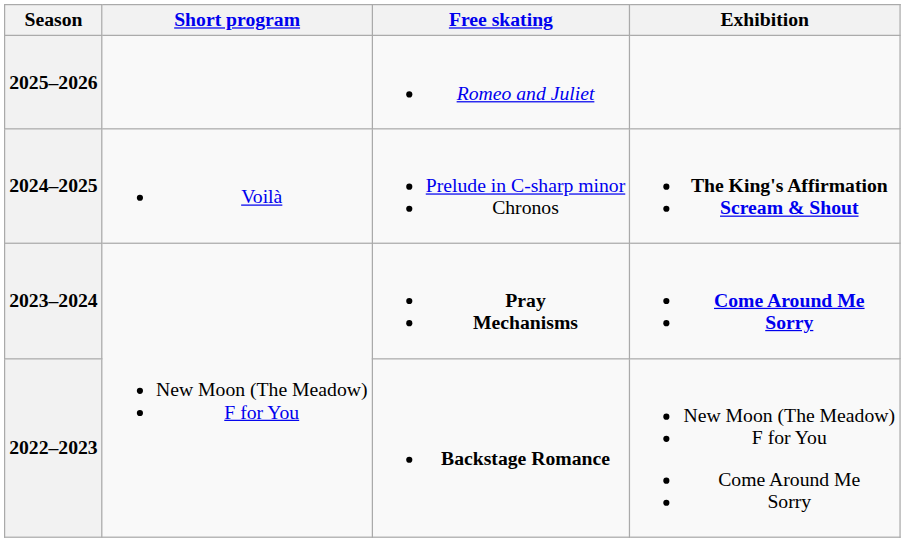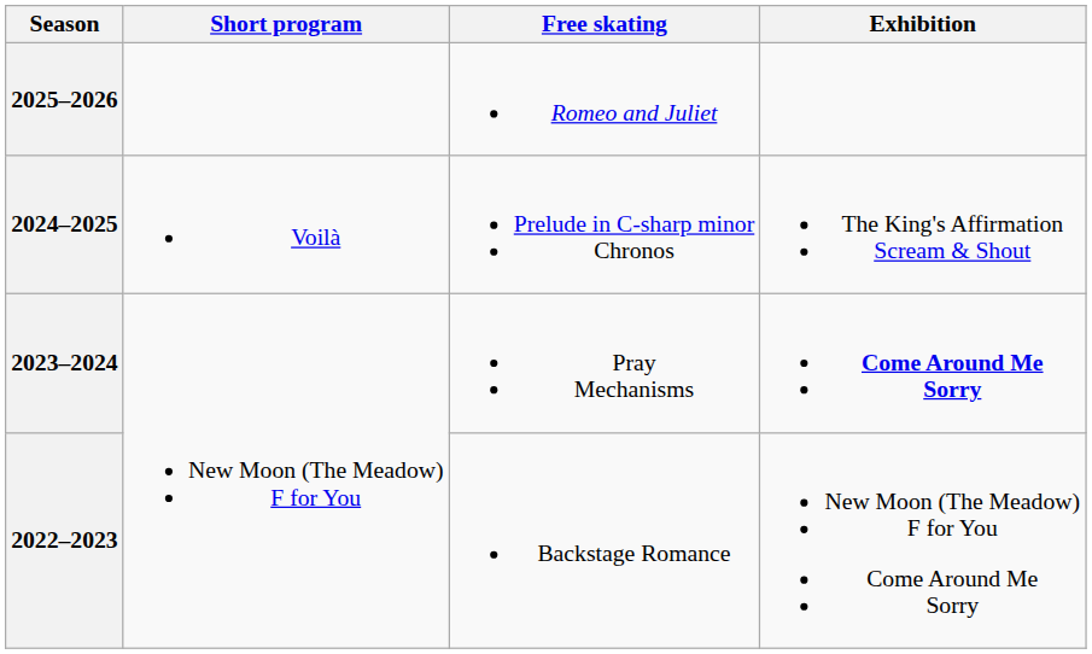 <table class=wikitable style=text-align:center>
 <tr>
 <th>Season</th>
 <th><a href='#'>Short program</a></th>
 <th><a href='#'>Free skating</a></th>
 <th>Exhibition</th>
 </tr>
 <tr>
 <th>2025–2026 <br> </th>
 <td></td>
 <td><br><ul><li><em><a href='#'>Romeo and Juliet</a></em> <br> </li></ul></td>
 <td></td>
 </tr>
 <tr>
 <th>2024–2025 <br> </th>
 <td><br><ul><li><a href='#'>Voilà</a> <br> </li></ul></td>
 <td><br><ul><li><a href='#'>Prelude in C-sharp minor</a> <br> </li><li>Chronos <br> </li></ul></td>
-<td><strong><br><ul><li>The King's Affirmation <br></li><li><a href='#'>Scream & Shout</a> <br></li></ul></strong></td>
+<td><br><ul><li>The King's Affirmation <br></li><li><a href='#'>Scream & Shout</a> <br></li></ul></td>
 </tr>
 <tr>
 <th>2023–2024 <br> </th>
 <td rowspan=2><br><ul><li>New Moon (The Meadow) <br> </li><li><a href='#'>F for You</a> <br> </li></ul></td>
-<td><strong><br><ul><li>Pray <br></li><li>Mechanisms <br></li></ul></strong></td>
+<td><br><ul><li>Pray <br></li><li>Mechanisms <br></li></ul></td>
 <td><strong><br><ul><li><a href='#'>Come Around Me</a></li><li><a href='#'>Sorry</a> <br> </li></ul></strong></td>
 </tr>
 <tr>
 <th>2022–2023 <br> </th>
-<td><strong><br><ul><li>Backstage Romance <br> </li></ul></strong></td>
+<td><br><ul><li>Backstage Romance <br> </li></ul></td>
 <td><br><ul><li>New Moon (The Meadow) <br> </li><li>F for You <br> </li></ul><ul><li>Come Around Me</li><li>Sorry <br> </li></ul></td>
 </tr>
 </table>
